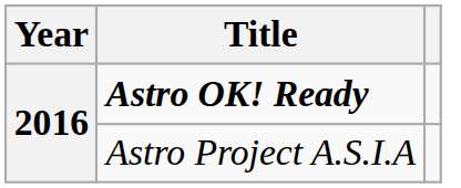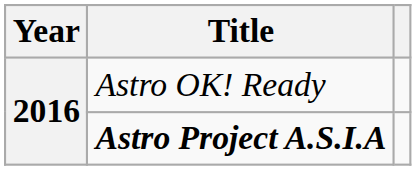 <table class="wikitable sortable plainrowheaders">
 <tr>
 <th scope="col">Year</th>
 <th scope="col">Title</th>
 <th scope="col" class="unsortable"></th>
 </tr>
 <tr>
 <th scope="row" rowspan="2">2016</th>
-<td><strong><em>Astro OK! Ready</em></strong></td>
+<td><em>Astro OK! Ready</em></td>
 <td align="center"></td>
 </tr>
 <tr>
-<td><em>Astro Project A.S.I.A</em></td>
+<td><strong><em>Astro Project A.S.I.A</em></strong></td>
 <td align="center"></td>
 </tr>
 </table>
